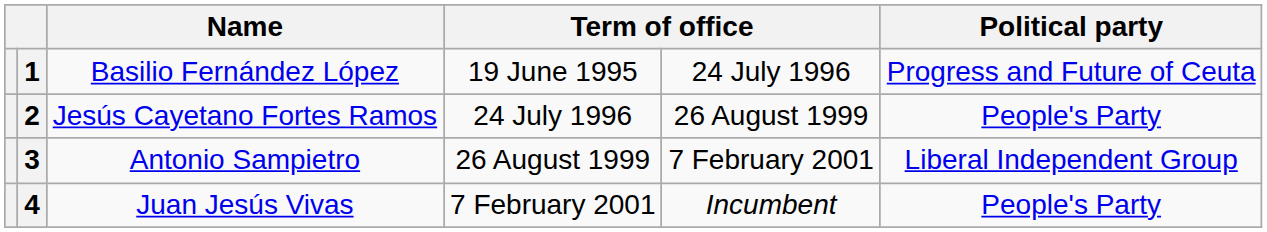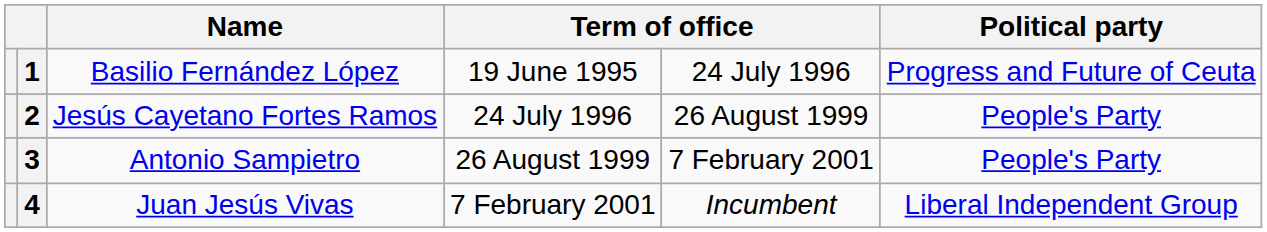 <table class="wikitable" style="text-align:center">
 <tr>
 <th colspan="2"></th>
 <th>Name<br></th>
 <th colspan="2">Term of office</th>
 <th>Political party</th>
 </tr>
 <tr>
 <th style="background:"></th>
 <th>1</th>
 <td><a href='#'>Basilio Fernández López</a></td>
 <td>19 June 1995</td>
 <td>24 July 1996</td>
 <td><a href='#'>Progress and Future of Ceuta</a></td>
 </tr>
 <tr>
 <th style="background:"></th>
 <th>2</th>
 <td><a href='#'>Jesús Cayetano Fortes Ramos</a></td>
 <td>24 July 1996</td>
 <td>26 August 1999</td>
 <td><a href='#'>People's Party</a></td>
 </tr>
 <tr>
 <th style="background:"></th>
 <th>3</th>
 <td><a href='#'>Antonio Sampietro</a><br></td>
 <td>26 August 1999</td>
 <td>7 February 2001</td>
-<td><a href='#'>Liberal Independent Group</a></td>
+<td><a href='#'>People's Party</a></td>
 </tr>
 <tr>
 <th style="background:"></th>
 <th>4</th>
 <td><a href='#'>Juan Jesús Vivas</a><br></td>
 <td>7 February 2001</td>
 <td><em>Incumbent</em></td>
-<td><a href='#'>People's Party</a></td>
+<td><a href='#'>Liberal Independent Group</a></td>
 </tr>
 </table>
